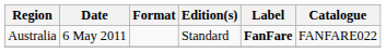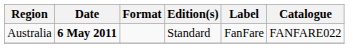 <table class="wikitable plainrowheaders">
 <tr>
 <th scope="col">Region</th>
 <th scope="col">Date</th>
 <th scope="col">Format</th>
 <th scope="col">Edition(s)</th>
 <th scope="col">Label</th>
 <th scope="col">Catalogue</th>
 </tr>
 <tr>
 <td>Australia</td>
-<td>6 May 2011</td>
+<td><strong>6 May 2011</strong></td>
 <td></td>
 <td>Standard</td>
-<td><strong>FanFare</strong></td>
+<td>FanFare</td>
 <td>FANFARE022</td>
 </tr>
 <tr>
 </tr>
 </table>
